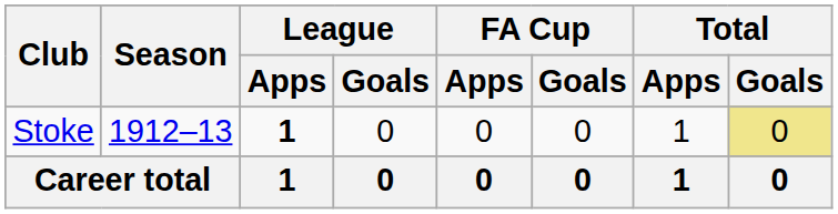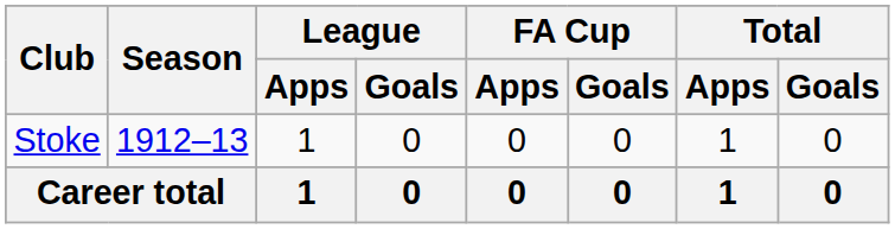 <table class="wikitable" style="text-align: center;">
 <tr>
 <th rowspan="2">Club</th>
 <th rowspan="2">Season</th>
 <th colspan="2">League</th>
 <th colspan="2">FA Cup</th>
 <th colspan="2">Total</th>
 </tr>
 <tr>
 <th>Apps</th>
 <th>Goals</th>
 <th>Apps</th>
 <th>Goals</th>
 <th>Apps</th>
 <th>Goals</th>
 </tr>
 <tr>
 <td><a href='#'>Stoke</a></td>
 <td><a href='#'>1912–13</a></td>
-<td><strong>1</strong></td>
+<td>1</td>
 <td>0</td>
 <td>0</td>
 <td>0</td>
 <td>1</td>
-<td style="background: khaki;">0</td>
+<td>0</td>
 </tr>
 <tr>
 <th colspan="2">Career total</th>
 <th>1</th>
 <th>0</th>
 <th>0</th>
 <th>0</th>
 <th>1</th>
 <th>0</th>
 </tr>
 </table>
